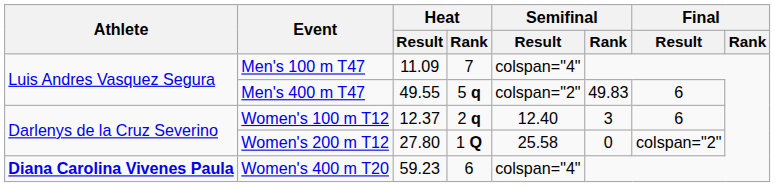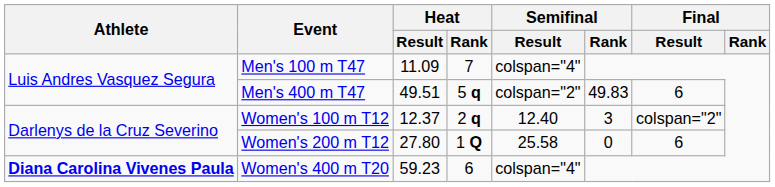 <table class="wikitable" style="font-size:90%">
 <tr>
 <th rowspan="2">Athlete</th>
 <th rowspan="2">Event</th>
 <th colspan="2">Heat</th>
 <th colspan="2">Semifinal</th>
 <th colspan="2">Final</th>
 </tr>
 <tr style="font-size:95%">
 <th>Result</th>
 <th>Rank</th>
 <th>Result</th>
 <th>Rank</th>
 <th>Result</th>
 <th>Rank</th>
 </tr>
 <tr align=center>
 <td align=left rowspan=2><a href='#'>Luis Andres Vasquez Segura</a></td>
 <td align=left><a href='#'>Men's 100 m T47</a></td>
 <td>11.09</td>
 <td>7</td>
 <td>colspan="4" </td>
 </tr>
 <tr align=center>
 <td align=left><a href='#'>Men's 400 m T47</a></td>
-<td>49.55</td>
+<td>49.51</td>
 <td>5 <strong>q</strong></td>
 <td>colspan="2" </td>
 <td>49.83</td>
 <td>6</td>
 </tr>
 <tr align=center>
 <td align=left rowspan=2><a href='#'>Darlenys de la Cruz Severino</a></td>
 <td align=left><a href='#'>Women's 100 m T12</a></td>
 <td>12.37</td>
 <td>2 <strong>q</strong></td>
 <td>12.40</td>
 <td>3</td>
-<td>6</td>
+<td>colspan="2" </td>
 </tr>
 <tr align=center>
 <td align=left><a href='#'>Women's 200 m T12</a></td>
 <td>27.80</td>
 <td>1 <strong>Q</strong></td>
 <td>25.58</td>
 <td>0</td>
-<td>colspan="2" </td>
+<td>6</td>
 </tr>
 <tr align=center>
 <td align=left><strong><a href='#'>Diana Carolina Vivenes Paula</a></strong></td>
 <td align=left><a href='#'>Women's 400 m T20</a></td>
 <td>59.23</td>
 <td>6</td>
 <td>colspan="4" </td>
 </tr>
 </table>
